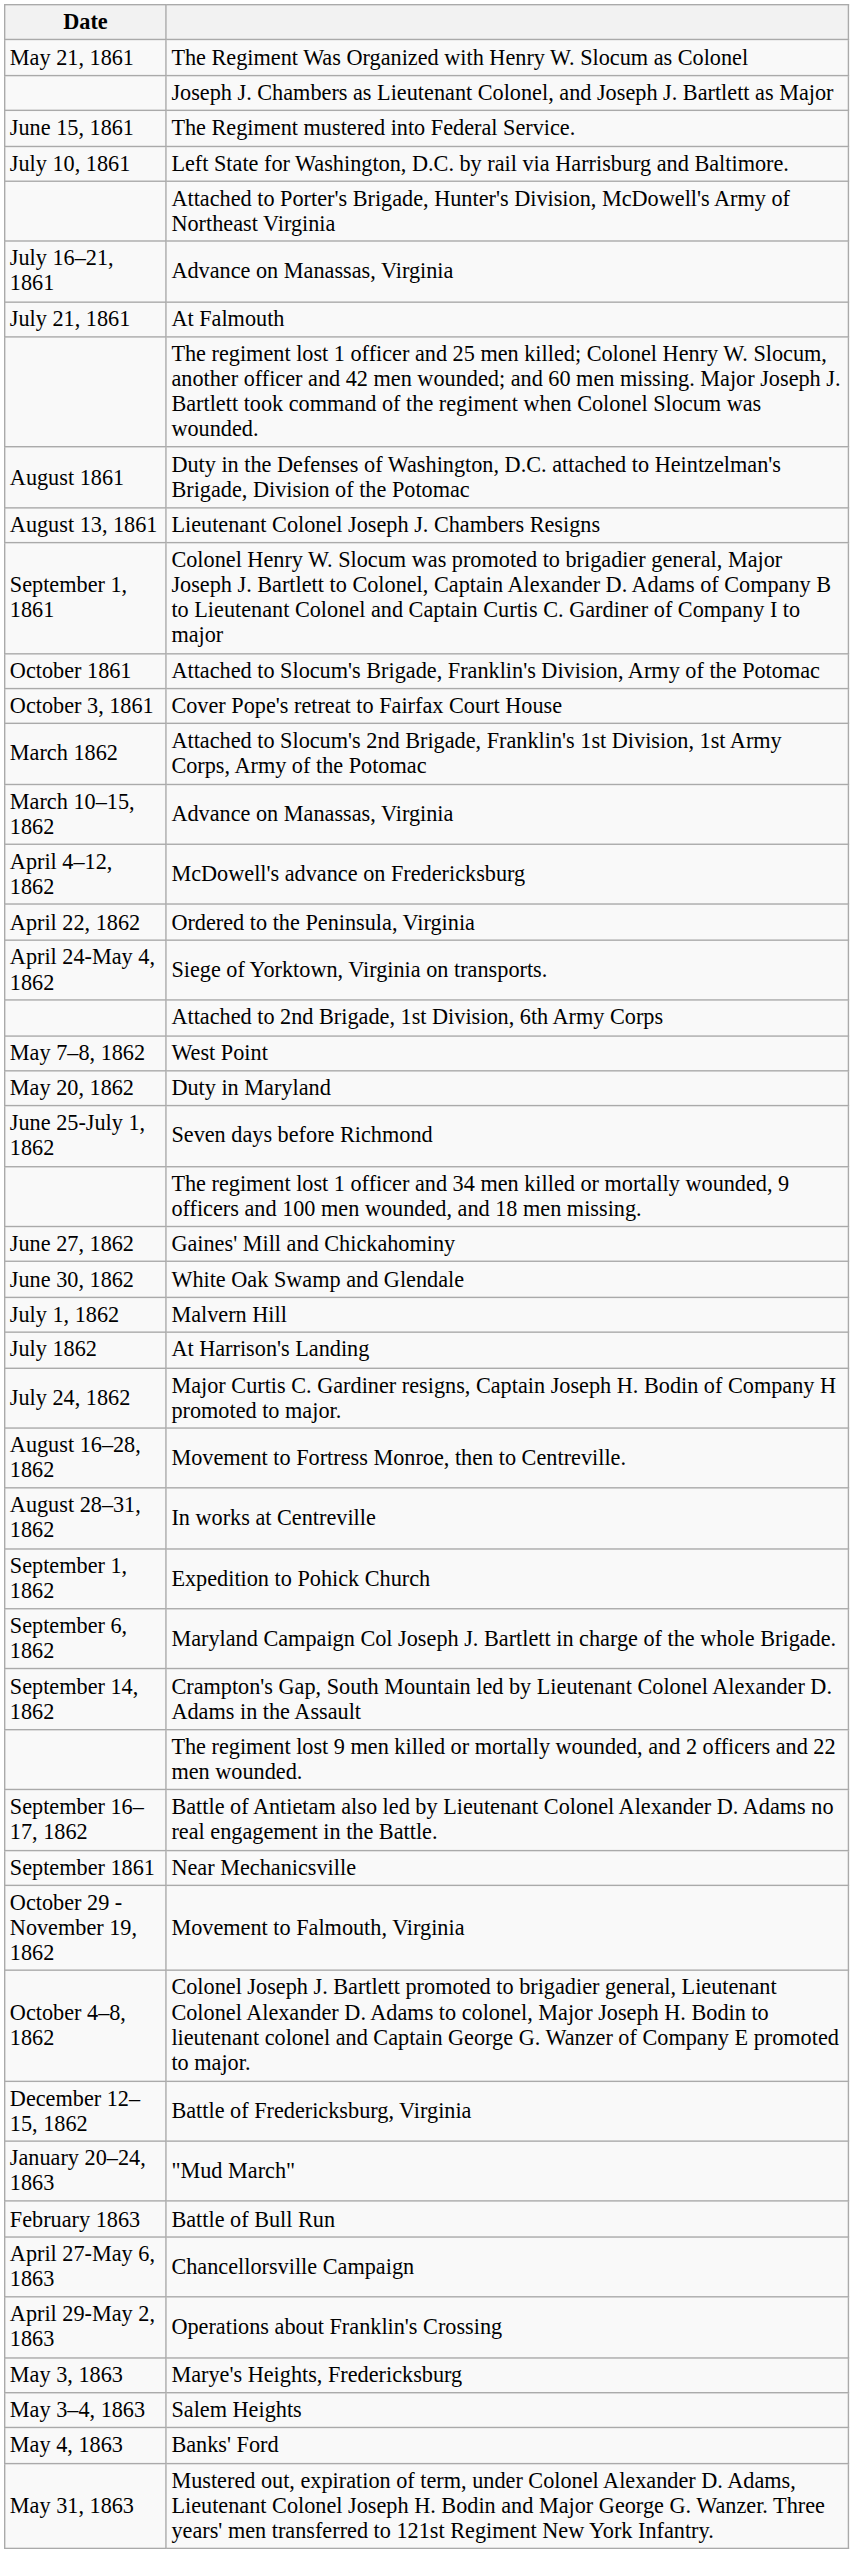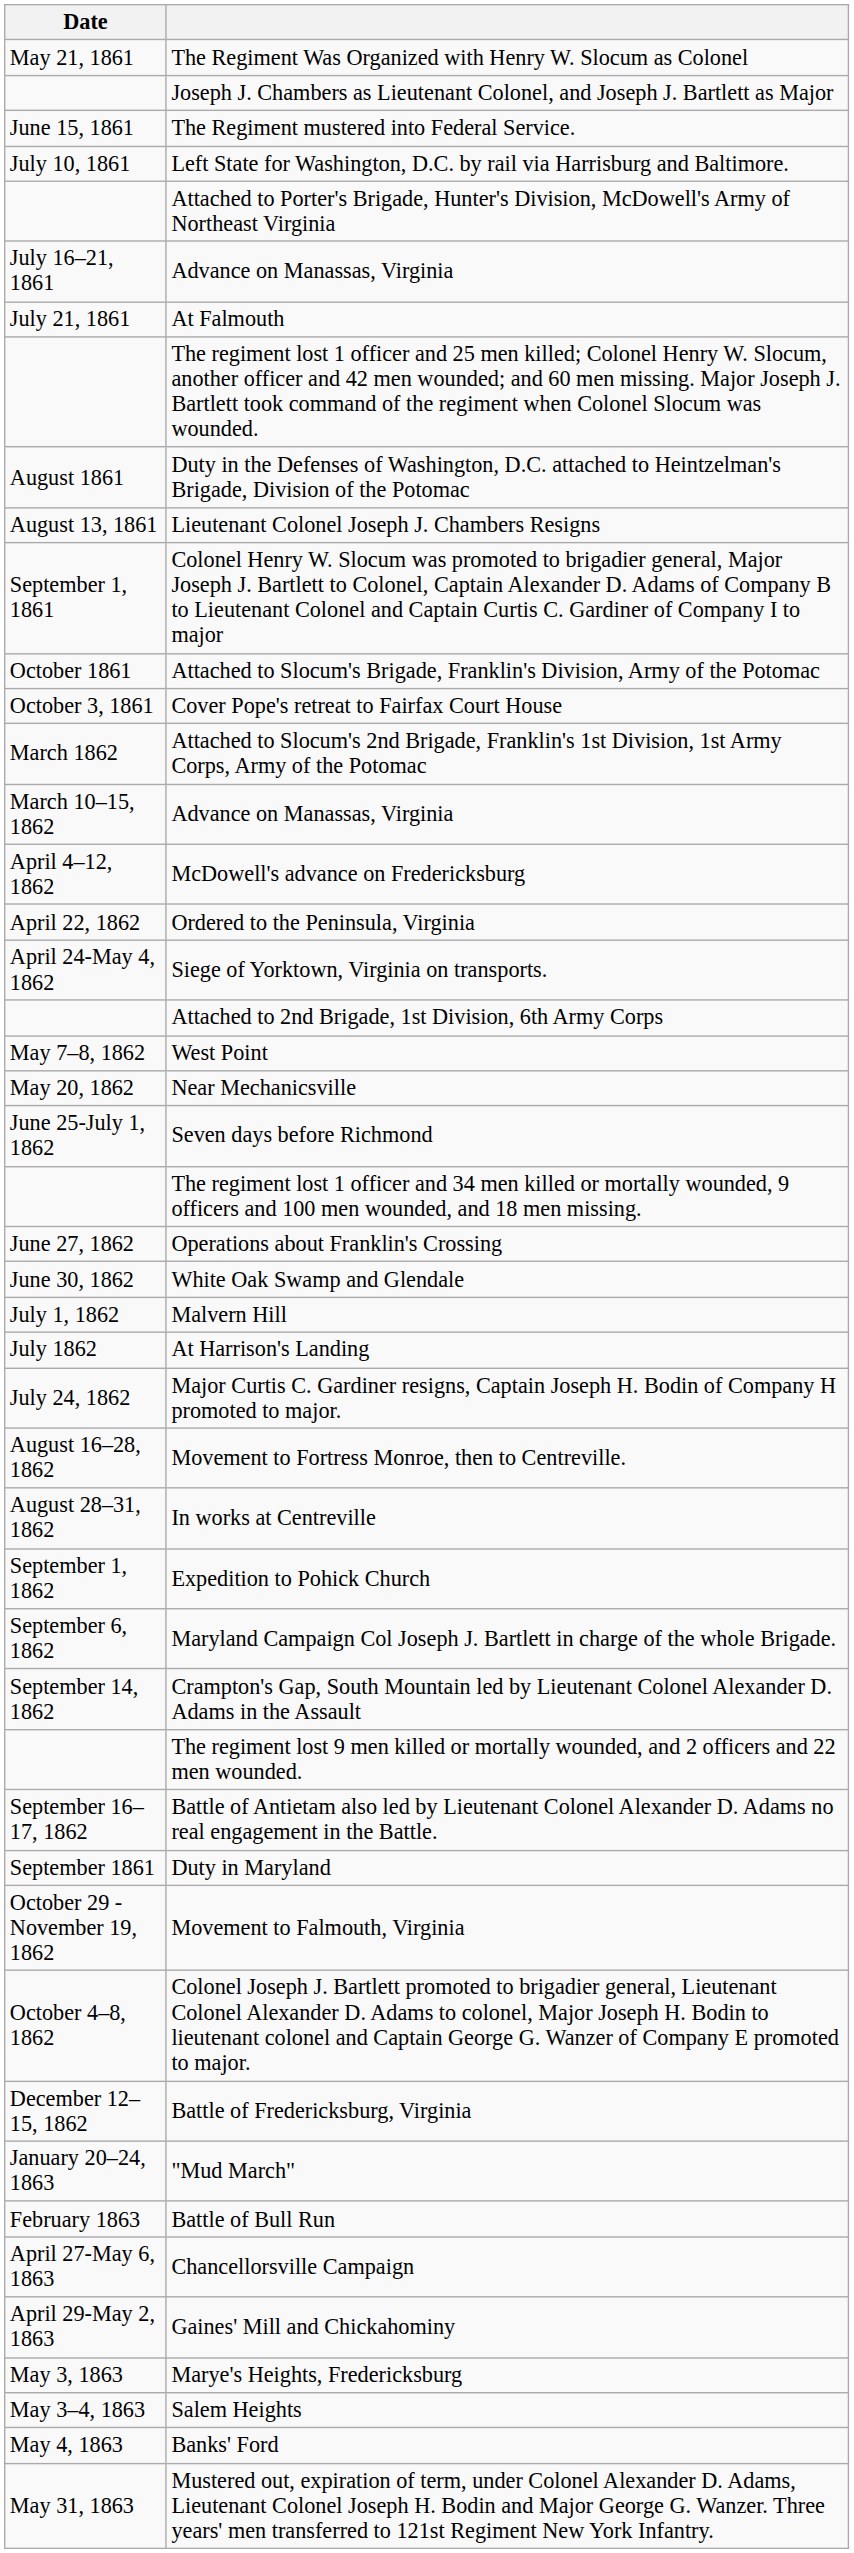 <table class="wikitable">
 <tr>
 <th>Date</th>
 <th></th>
 </tr>
 <tr>
 <td>May 21, 1861</td>
 <td>The Regiment Was Organized with Henry W. Slocum as Colonel</td>
 </tr>
 <tr>
 <td></td>
 <td>Joseph J. Chambers as Lieutenant Colonel, and Joseph J. Bartlett as Major</td>
 </tr>
 <tr>
 <td>June 15, 1861</td>
 <td>The Regiment mustered into Federal Service.</td>
 </tr>
 <tr>
 <td>July 10, 1861</td>
 <td>Left State for Washington, D.C. by rail via Harrisburg and Baltimore.</td>
 </tr>
 <tr>
 <td></td>
 <td>Attached to Porter's Brigade, Hunter's Division, McDowell's Army of Northeast Virginia</td>
 </tr>
 <tr>
 <td>July 16–21, 1861</td>
 <td>Advance on Manassas, Virginia</td>
 </tr>
 <tr>
 <td>July 21, 1861</td>
 <td>At Falmouth</td>
 </tr>
 <tr>
 <td></td>
 <td>The regiment lost 1 officer and 25 men killed; Colonel Henry W. Slocum, another officer and 42 men wounded; and 60 men missing. Major Joseph J. Bartlett took command of the regiment when Colonel Slocum was wounded.</td>
 </tr>
 <tr>
 <td>August 1861</td>
 <td>Duty in the Defenses of Washington, D.C. attached to Heintzelman's Brigade, Division of the Potomac</td>
 </tr>
 <tr>
 <td>August 13, 1861</td>
 <td>Lieutenant Colonel Joseph J. Chambers Resigns</td>
 </tr>
 <tr>
 <td>September 1, 1861</td>
 <td>Colonel Henry W. Slocum was promoted to brigadier general, Major Joseph J. Bartlett to Colonel, Captain Alexander D. Adams of Company B to Lieutenant Colonel and Captain Curtis C. Gardiner of Company I to major</td>
 </tr>
 <tr>
 <td>October 1861</td>
 <td>Attached to Slocum's Brigade, Franklin's Division, Army of the Potomac</td>
 </tr>
 <tr>
 <td>October 3, 1861</td>
 <td>Cover Pope's retreat to Fairfax Court House</td>
 </tr>
 <tr>
 <td>March 1862</td>
 <td>Attached to Slocum's 2nd Brigade, Franklin's 1st Division, 1st Army Corps, Army of the Potomac</td>
 </tr>
 <tr>
 <td>March 10–15, 1862</td>
 <td>Advance on Manassas, Virginia</td>
 </tr>
 <tr>
 <td>April 4–12, 1862</td>
 <td>McDowell's advance on Fredericksburg</td>
 </tr>
 <tr>
 <td>April 22, 1862</td>
 <td>Ordered to the Peninsula, Virginia</td>
 </tr>
 <tr>
 <td>April 24-May 4, 1862</td>
 <td>Siege of Yorktown, Virginia on transports.</td>
 </tr>
 <tr>
 <td></td>
 <td>Attached to 2nd Brigade, 1st Division, 6th Army Corps</td>
 </tr>
 <tr>
 <td>May 7–8, 1862</td>
 <td>West Point</td>
 </tr>
 <tr>
 <td>May 20, 1862</td>
-<td>Duty in Maryland</td>
+<td>Near Mechanicsville</td>
 </tr>
 <tr>
 <td>June 25-July 1, 1862</td>
 <td>Seven days before Richmond</td>
 </tr>
 <tr>
 <td></td>
 <td>The regiment lost 1 officer and 34 men killed or mortally wounded, 9 officers and 100 men wounded, and 18 men missing.</td>
 </tr>
 <tr>
 <td>June 27, 1862</td>
-<td>Gaines' Mill and Chickahominy</td>
+<td>Operations about Franklin's Crossing</td>
 </tr>
 <tr>
 <td>June 30, 1862</td>
 <td>White Oak Swamp and Glendale</td>
 </tr>
 <tr>
 <td>July 1, 1862</td>
 <td>Malvern Hill</td>
 </tr>
 <tr>
 <td>July 1862</td>
 <td>At Harrison's Landing</td>
 </tr>
 <tr>
 <td>July 24, 1862</td>
 <td>Major Curtis C. Gardiner resigns, Captain Joseph H. Bodin of Company H promoted to major.</td>
 </tr>
 <tr>
 <td>August 16–28, 1862</td>
 <td>Movement to Fortress Monroe, then to Centreville.</td>
 </tr>
 <tr>
 <td>August 28–31, 1862</td>
 <td>In works at Centreville</td>
 </tr>
 <tr>
 <td>September 1, 1862</td>
 <td>Expedition to Pohick Church</td>
 </tr>
 <tr>
 <td>September 6, 1862</td>
 <td>Maryland Campaign Col Joseph J. Bartlett in charge of the whole Brigade.</td>
 </tr>
 <tr>
 <td>September 14, 1862</td>
 <td>Crampton's Gap, South Mountain led by Lieutenant Colonel Alexander D. Adams in the Assault</td>
 </tr>
 <tr>
 <td></td>
 <td>The regiment lost 9 men killed or mortally wounded, and 2 officers and 22 men wounded.</td>
 </tr>
 <tr>
 <td>September 16–17, 1862</td>
 <td>Battle of Antietam also led by Lieutenant Colonel Alexander D. Adams no real engagement in the Battle.</td>
 </tr>
 <tr>
 <td>September 1861</td>
-<td>Near Mechanicsville</td>
+<td>Duty in Maryland</td>
 </tr>
 <tr>
 <td>October 29 - November 19, 1862</td>
 <td>Movement to Falmouth, Virginia</td>
 </tr>
 <tr>
 <td>October 4–8, 1862</td>
 <td>Colonel Joseph J. Bartlett promoted to brigadier general, Lieutenant Colonel Alexander D. Adams to colonel, Major Joseph H. Bodin to lieutenant colonel and Captain George G. Wanzer of Company E promoted to major.</td>
 </tr>
 <tr>
 <td>December 12–15, 1862</td>
 <td>Battle of Fredericksburg, Virginia</td>
 </tr>
 <tr>
 <td>January 20–24, 1863</td>
 <td>"Mud March"</td>
 </tr>
 <tr>
 <td>February 1863</td>
 <td>Battle of Bull Run</td>
 </tr>
 <tr>
 <td>April 27-May 6, 1863</td>
 <td>Chancellorsville Campaign</td>
 </tr>
 <tr>
 <td>April 29-May 2, 1863</td>
-<td>Operations about Franklin's Crossing</td>
+<td>Gaines' Mill and Chickahominy</td>
 </tr>
 <tr>
 <td>May 3, 1863</td>
 <td>Marye's Heights, Fredericksburg</td>
 </tr>
 <tr>
 <td>May 3–4, 1863</td>
 <td>Salem Heights</td>
 </tr>
 <tr>
 <td>May 4, 1863</td>
 <td>Banks' Ford</td>
 </tr>
 <tr>
 <td>May 31, 1863</td>
 <td>Mustered out, expiration of term, under Colonel Alexander D. Adams, Lieutenant Colonel Joseph H. Bodin and Major George G. Wanzer. Three years' men transferred to 121st Regiment New York Infantry.</td>
 </tr>
 </table>
